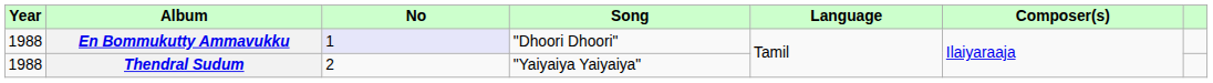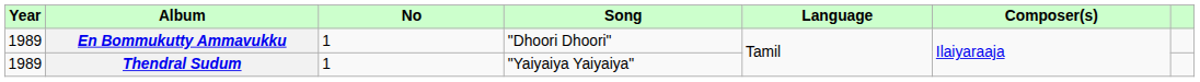 <table class="wikitable plainrowheaders" style="width:100%; textcolor:#000">
 <tr style="background:#cfc; text-align:center;">
 <td scope="col" style="width:2%;"><strong>Year</strong></td>
 <td scope="col" style="width:23%;"><strong>Album</strong></td>
 <td><strong>No</strong></td>
 <td scope="col" style="width:20%;"><strong>Song</strong></td>
 <td scope="col" style="width:16%;"><strong>Language</strong></td>
 <td scope="col" style="width:20%;"><strong>Composer(s)</strong></td>
 <td scope="col" style="width:2%;"><strong></strong></td>
 </tr>
 <tr>
-<td>1988</td>
+<td>1989</td>
 <th scope="row"><em><a href='#'>En Bommukutty Ammavukku</a></em></th>
-<td style="background: lavender;">1</td>
+<td>1</td>
 <td>"Dhoori Dhoori"</td>
 <td rowspan="2">Tamil</td>
 <td rowspan="2"><a href='#'>Ilaiyaraaja</a></td>
 <td></td>
 </tr>
 <tr>
-<td>1988</td>
+<td>1989</td>
 <th scope="row"><em><a href='#'>Thendral Sudum</a></em></th>
-<td>2</td>
+<td>1</td>
 <td>"Yaiyaiya Yaiyaiya"</td>
 <td></td>
 </tr>
 </table>
